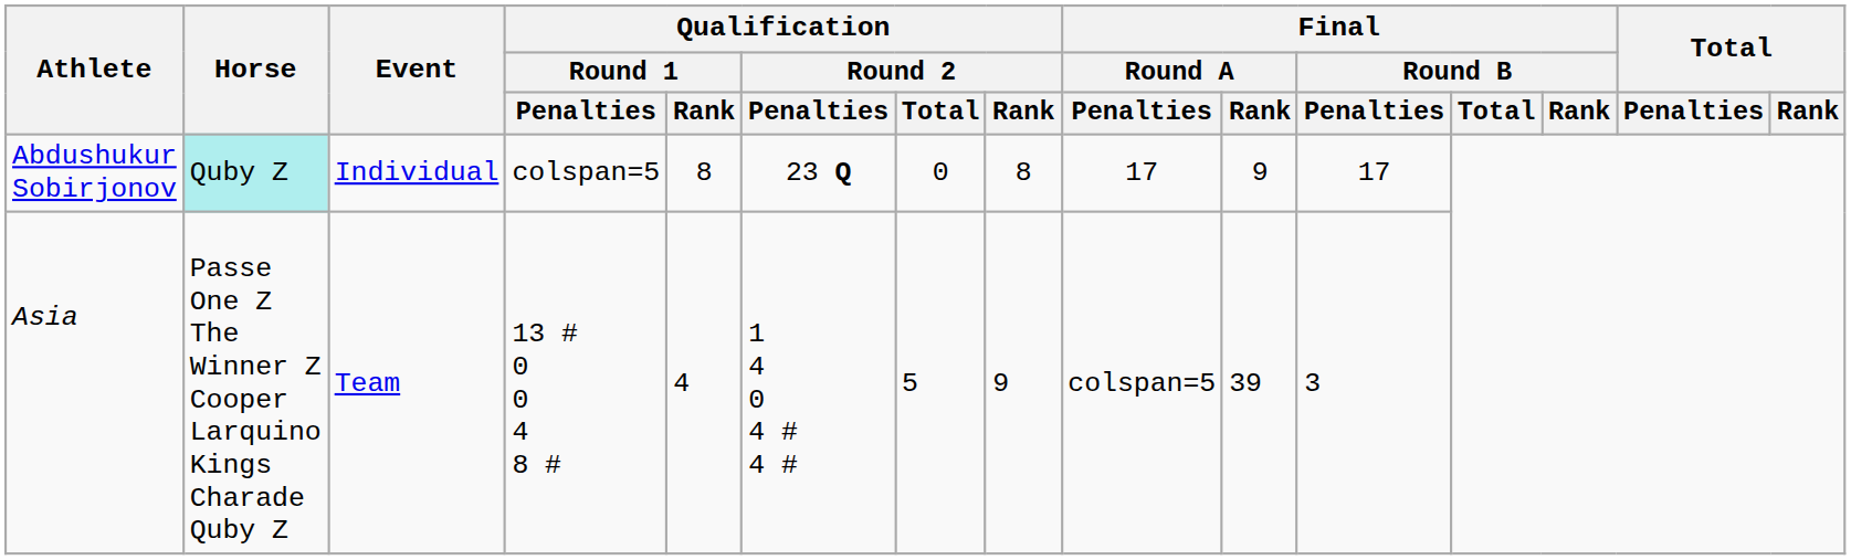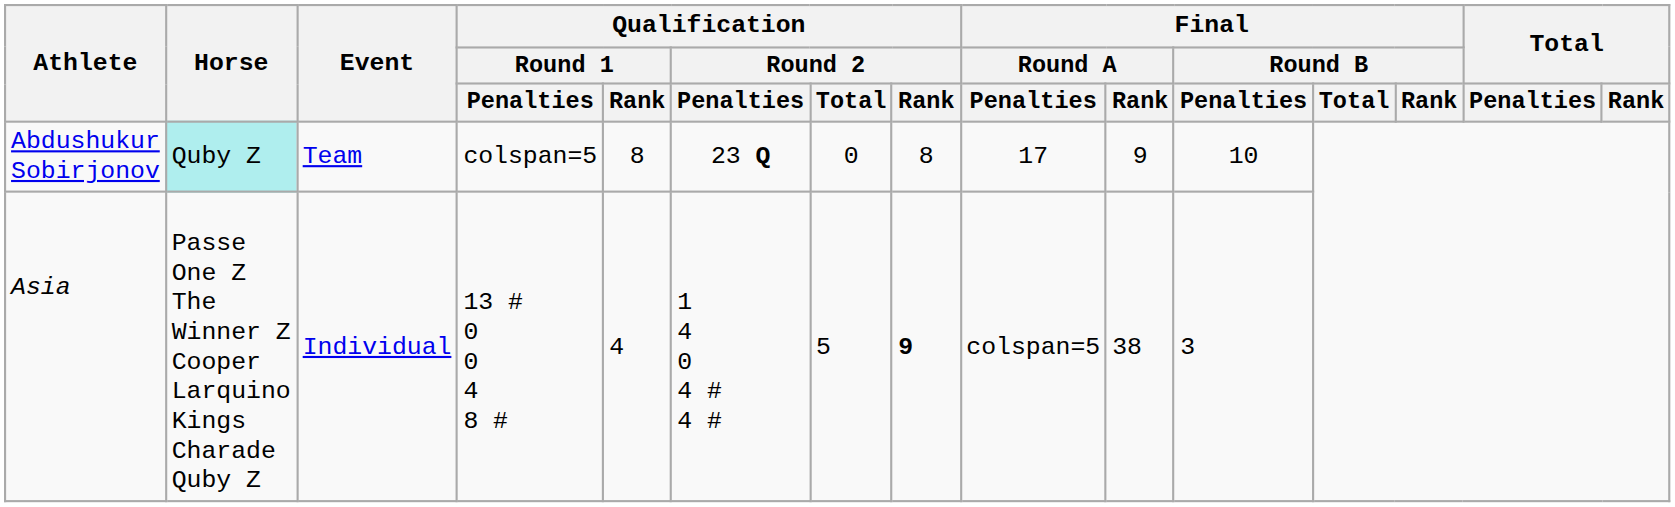 <table class="wikitable" style="font-size:90%">
 <tr>
 <th rowspan="3">Athlete</th>
 <th rowspan="3">Horse</th>
 <th rowspan="3">Event</th>
 <th colspan="5">Qualification</th>
 <th colspan="5">Final</th>
 <th rowspan=2 colspan="2">Total</th>
 </tr>
 <tr style="font-size:95%">
 <th colspan="2">Round 1</th>
 <th colspan="3">Round 2</th>
 <th colspan="2">Round A</th>
 <th colspan="3">Round B</th>
 </tr>
 <tr style="font-size:95%">
 <th>Penalties</th>
 <th>Rank</th>
 <th>Penalties</th>
 <th>Total</th>
 <th>Rank</th>
 <th>Penalties</th>
 <th>Rank</th>
 <th>Penalties</th>
 <th>Total</th>
 <th>Rank</th>
 <th>Penalties</th>
 <th>Rank</th>
 </tr>
 <tr align=center>
 <td align=left><a href='#'>Abdushukur Sobirjonov</a></td>
 <td align=left style="background: paleturquoise;">Quby Z</td>
-<td align=left rowspan=1><a href='#'>Individual</a></td>
+<td align=left><a href='#'>Team</a></td>
 <td>colspan=5 </td>
 <td>8</td>
 <td>23 <strong>Q</strong></td>
 <td>0</td>
 <td>8</td>
 <td>17</td>
 <td>9</td>
-<td>17</td>
+<td>10</td>
 </tr>
 <tr align=left>
 <td rowspan=5 align=left><em>Asia</em><br> <br><br><br><br></td>
 <td align=left><br>Passe One Z<br>The Winner Z<br>Cooper Larquino<br>Kings Charade<br>Quby Z</td>
-<td align=left><a href='#'>Team</a></td>
+<td align=left rowspan=1><a href='#'>Individual</a></td>
 <td align=left><br>13 #<br>0<br>0<br>4<br>8 #</td>
 <td>4</td>
 <td align=left><br>1<br>4 <br>0<br>4 #<br>4 #</td>
 <td>5</td>
-<td>9</td>
+<td><strong>9</strong></td>
 <td>colspan=5 </td>
-<td>39</td>
+<td>38</td>
 <td>3</td>
 </tr>
 </table>
